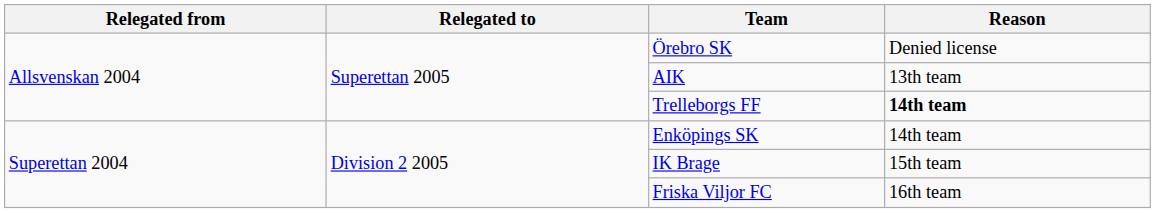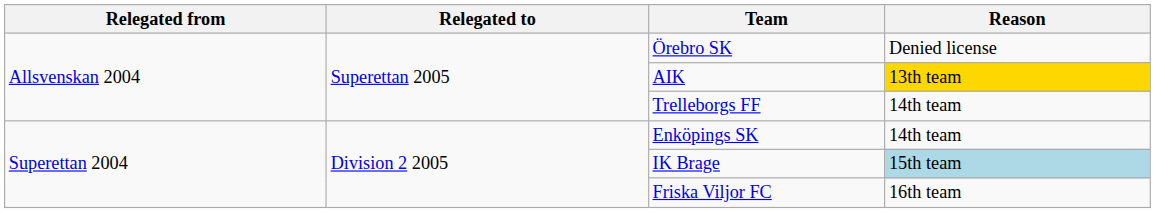 <table class="wikitable" style="text-align: left;">
 <tr>
 <th style="width: 275px;">Relegated from</th>
 <th style="width: 275px;">Relegated to</th>
 <th style="width: 200px;">Team</th>
 <th style="width: 225px;">Reason</th>
 </tr>
 <tr>
 <td rowspan=3><a href='#'>Allsvenskan</a> 2004</td>
 <td rowspan=3><a href='#'>Superettan</a> 2005</td>
 <td><a href='#'>Örebro SK</a></td>
 <td>Denied license</td>
 </tr>
 <tr>
 <td><a href='#'>AIK</a></td>
-<td>13th team</td>
+<td style="background: gold;">13th team</td>
 </tr>
 <tr>
 <td><a href='#'>Trelleborgs FF</a></td>
-<td><strong>14th team</strong></td>
+<td>14th team</td>
 </tr>
 <tr>
 <td rowspan=3><a href='#'>Superettan</a> 2004</td>
 <td rowspan=3><a href='#'>Division 2</a> 2005</td>
 <td><a href='#'>Enköpings SK</a></td>
 <td>14th team</td>
 </tr>
 <tr>
 <td><a href='#'>IK Brage</a></td>
-<td>15th team</td>
+<td style="background: lightblue;">15th team</td>
 </tr>
 <tr>
 <td><a href='#'>Friska Viljor FC</a></td>
 <td>16th team</td>
 </tr>
 </table>
